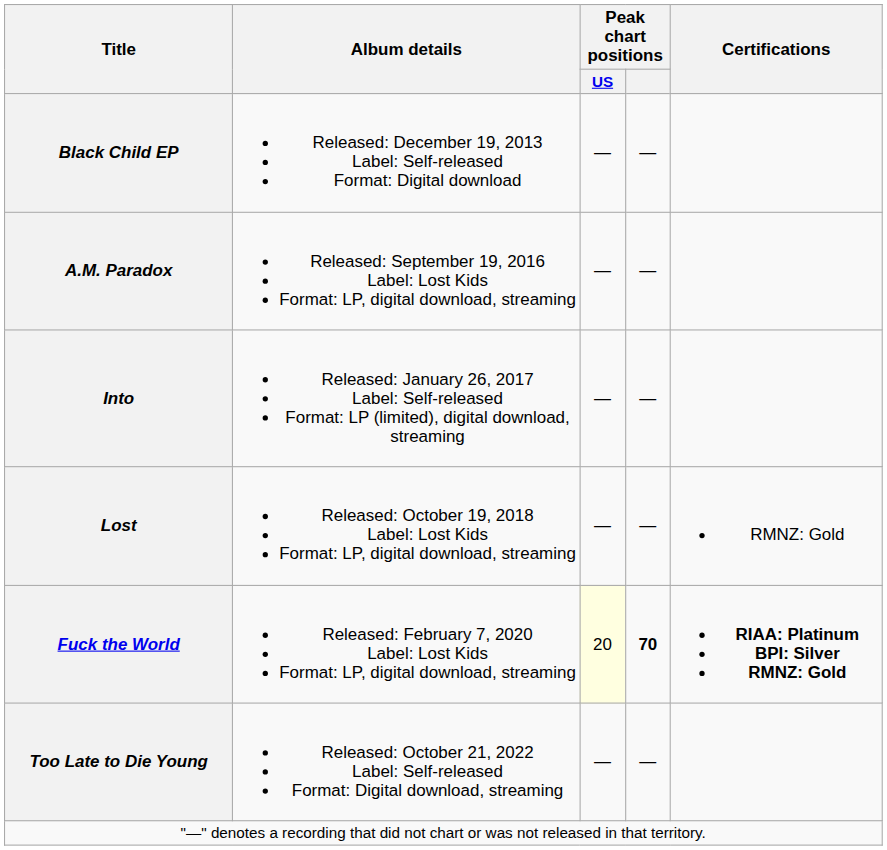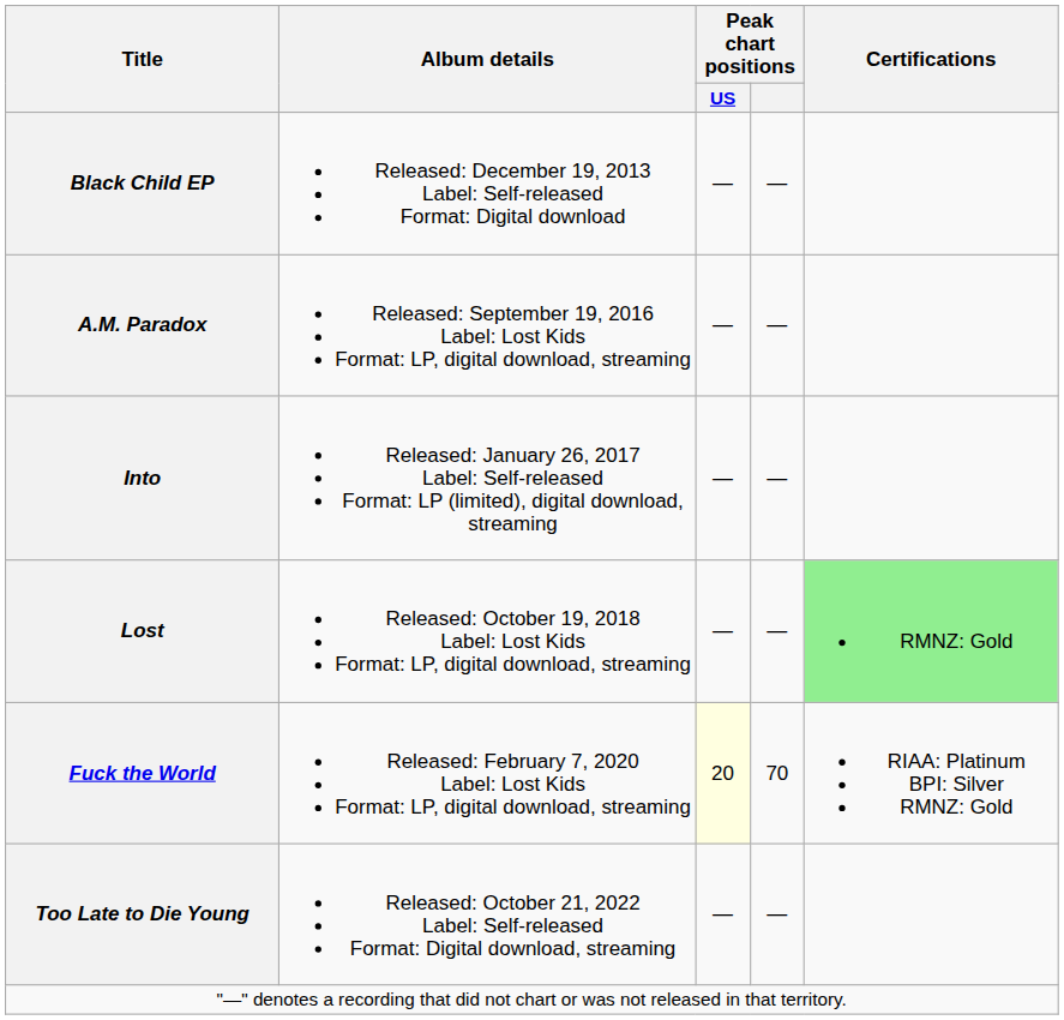 <table class="wikitable plainrowheaders" style="text-align:center;" border="1">
 <tr>
 <th scope="col" rowspan="2" style="width:13em;">Title</th>
 <th scope="col" rowspan="2" style="width:20em;">Album details</th>
 <th scope="col" colspan="2">Peak chart positions</th>
 <th scope="col" rowspan="2" style="width:12em;">Certifications</th>
 </tr>
 <tr>
 <th scope="col" style="width:2.5em;font-size:90%;"><a href='#'>US</a><br></th>
 <th scope="col" style="width:2.5em;font-size:90%;"><a href='#'></a><br></th>
 </tr>
 <tr>
 <th scope="row"><em>Black Child EP</em></th>
 <td><br><ul><li>Released: December 19, 2013</li><li>Label: Self-released</li><li>Format: Digital download</li></ul></td>
 <td>—</td>
 <td>—</td>
 <td></td>
 </tr>
 <tr>
 <th scope="row"><em>A.M. Paradox</em></th>
 <td><br><ul><li>Released: September 19, 2016</li><li>Label: Lost Kids</li><li>Format: LP, digital download, streaming</li></ul></td>
 <td>—</td>
 <td>—</td>
 <td></td>
 </tr>
 <tr>
 <th scope="row"><em>Into</em> </th>
 <td><br><ul><li>Released: January 26, 2017</li><li>Label: Self-released</li><li>Format: LP (limited), digital download, streaming</li></ul></td>
 <td>—</td>
 <td>—</td>
 <td></td>
 </tr>
 <tr>
 <th scope="row"><em>Lost</em></th>
 <td><br><ul><li>Released: October 19, 2018</li><li>Label: Lost Kids</li><li>Format: LP, digital download, streaming</li></ul></td>
 <td>—</td>
 <td>—</td>
-<td><br><ul><li>RMNZ: Gold</li></ul></td>
+<td style="background: lightgreen;"><br><ul><li>RMNZ: Gold</li></ul></td>
 </tr>
 <tr>
 <th scope="row"><em><a href='#'>Fuck the World</a></em></th>
 <td><br><ul><li>Released: February 7, 2020</li><li>Label: Lost Kids</li><li>Format: LP, digital download, streaming</li></ul></td>
 <td style="background: lightyellow;">20</td>
-<td><strong>70</strong></td>
-<td><strong><br><ul><li>RIAA: Platinum</li><li>BPI: Silver</li><li>RMNZ: Gold</li></ul></strong></td>
+<td>70</td>
+<td><br><ul><li>RIAA: Platinum</li><li>BPI: Silver</li><li>RMNZ: Gold</li></ul></td>
 </tr>
 <tr>
 <th scope="row"><em>Too Late to Die Young</em> </th>
 <td><br><ul><li>Released: October 21, 2022</li><li>Label: Self-released</li><li>Format: Digital download, streaming</li></ul></td>
 <td>—</td>
 <td>—</td>
 <td></td>
 </tr>
 <tr>
 <td colspan="13" style="font-size:90%">"—" denotes a recording that did not chart or was not released in that territory.</td>
 </tr>
 </table>
